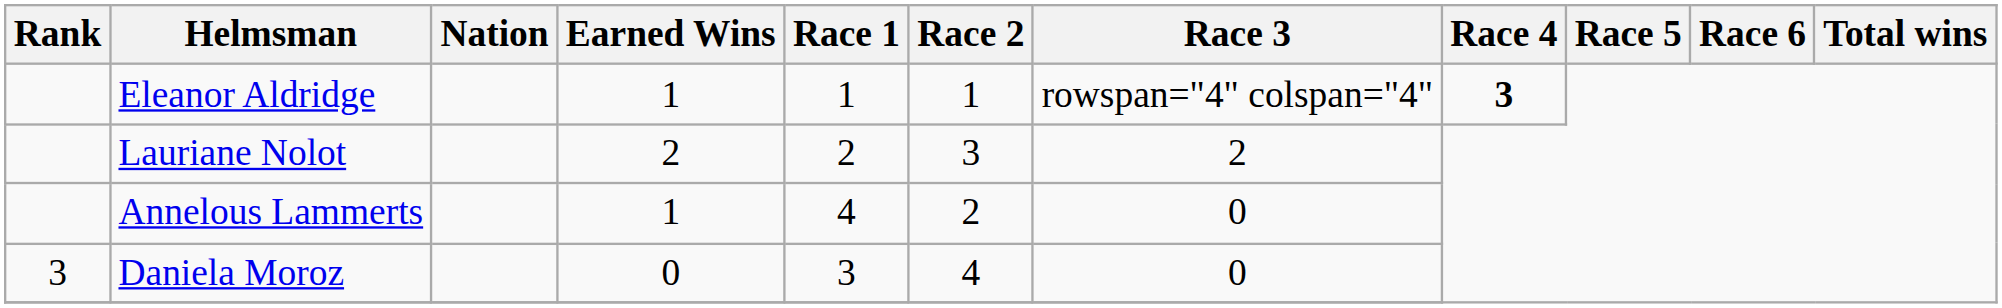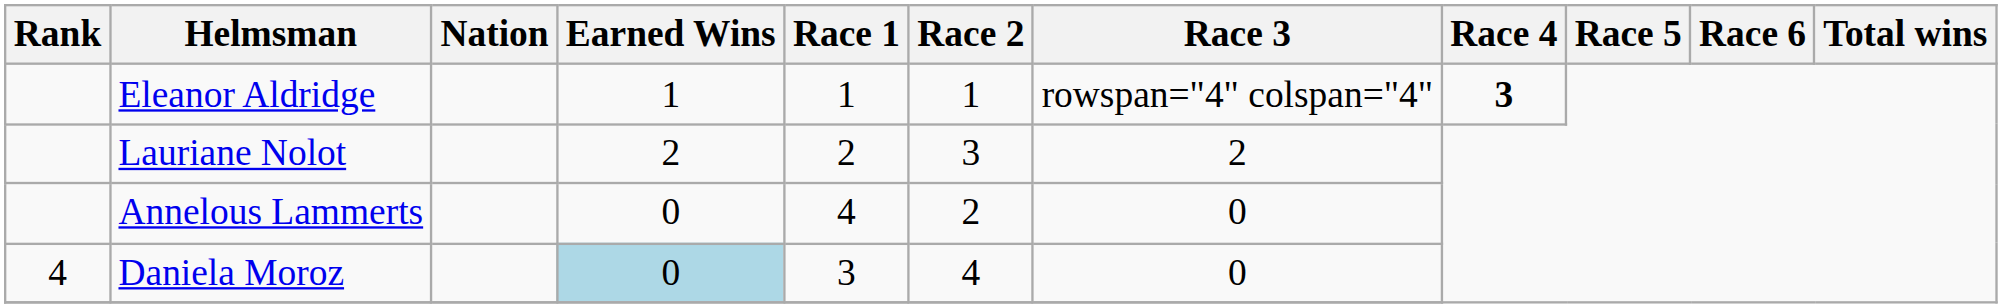 <table class="wikitable sortable" style="text-align:center">
 <tr>
 <th>Rank</th>
 <th>Helmsman</th>
 <th>Nation</th>
 <th>Earned Wins</th>
 <th>Race 1</th>
 <th>Race 2</th>
 <th>Race 3</th>
 <th>Race 4</th>
 <th>Race 5</th>
 <th>Race 6</th>
 <th>Total wins</th>
 </tr>
 <tr>
 <td></td>
 <td align="left"><a href='#'>Eleanor Aldridge</a></td>
 <td align="left"></td>
 <td>1</td>
 <td>1</td>
 <td>1</td>
 <td>rowspan="4" colspan="4" </td>
 <td><strong>3</strong></td>
 </tr>
 <tr>
 <td></td>
 <td align="left"><a href='#'>Lauriane Nolot</a></td>
 <td align="left"></td>
 <td>2</td>
 <td>2</td>
 <td>3</td>
 <td>2</td>
 </tr>
 <tr>
 <td></td>
 <td align="left"><a href='#'>Annelous Lammerts</a></td>
 <td align="left"></td>
-<td>1</td>
+<td>0</td>
 <td>4</td>
 <td>2</td>
 <td>0</td>
 </tr>
 <tr>
-<td>3</td>
+<td>4</td>
 <td align="left"><a href='#'>Daniela Moroz</a></td>
 <td align="left"></td>
-<td>0</td>
+<td style="background: lightblue;">0</td>
 <td>3</td>
 <td>4<br></td>
 <td>0</td>
 </tr>
 <tr>
 </tr>
 </table>
